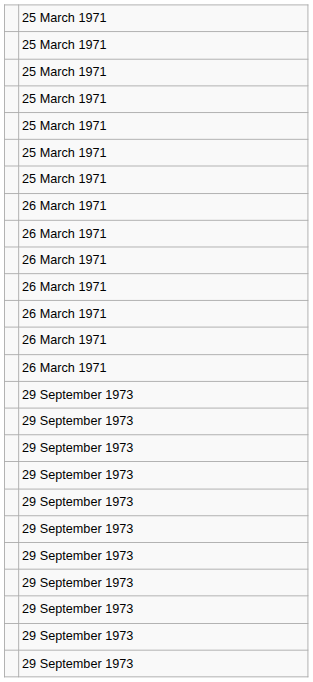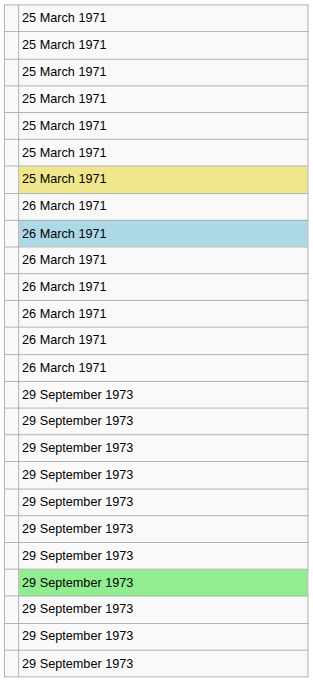 <table class="wikitable" style="font-size: 89%; float: left; width: 24em; margin-right: 1em; line-height: 1.65em">
 <tr>
 <td></td>
 <td>25 March 1971</td>
 </tr>
 <tr>
 <td></td>
 <td>25 March 1971</td>
 </tr>
 <tr>
 <td></td>
 <td>25 March 1971</td>
 </tr>
 <tr>
 <td></td>
 <td>25 March 1971</td>
 </tr>
 <tr>
 <td></td>
 <td>25 March 1971</td>
 </tr>
 <tr>
 <td></td>
 <td>25 March 1971</td>
 </tr>
 <tr>
 <td></td>
-<td>25 March 1971</td>
+<td style="background: khaki;">25 March 1971</td>
 </tr>
 <tr>
 <td></td>
 <td>26 March 1971</td>
 </tr>
 <tr>
 <td></td>
-<td>26 March 1971</td>
+<td style="background: lightblue;">26 March 1971</td>
 </tr>
 <tr>
 <td></td>
 <td>26 March 1971</td>
 </tr>
 <tr>
 <td></td>
 <td>26 March 1971</td>
 </tr>
 <tr>
 <td></td>
 <td>26 March 1971</td>
 </tr>
 <tr>
 <td></td>
 <td>26 March 1971</td>
 </tr>
 <tr>
 <td></td>
 <td>26 March 1971</td>
 </tr>
 <tr>
 <td></td>
 <td>29 September 1973</td>
 </tr>
 <tr>
 <td></td>
 <td>29 September 1973</td>
 </tr>
 <tr>
 <td></td>
 <td>29 September 1973</td>
 </tr>
 <tr>
 <td></td>
 <td>29 September 1973</td>
 </tr>
 <tr>
 <td></td>
 <td>29 September 1973</td>
 </tr>
 <tr>
 <td></td>
 <td>29 September 1973</td>
 </tr>
 <tr>
 <td></td>
 <td>29 September 1973</td>
 </tr>
 <tr>
 <td></td>
-<td>29 September 1973</td>
+<td style="background: lightgreen;">29 September 1973</td>
 </tr>
 <tr>
 <td></td>
 <td>29 September 1973</td>
 </tr>
 <tr>
 <td></td>
 <td>29 September 1973</td>
 </tr>
 <tr>
 <td></td>
 <td>29 September 1973</td>
 </tr>
 </table>
